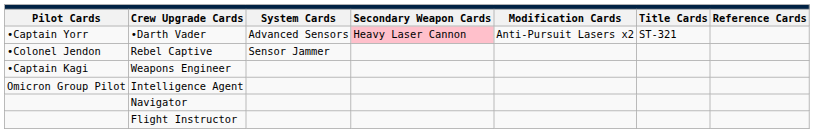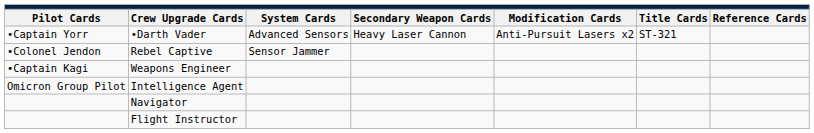 <table class="wikitable sortable">
 <tr style="background:#002244;">
 <td colspan="9"></td>
 </tr>
 <tr style="background:#f0f0f0;">
 <th>Pilot Cards</th>
 <th>Crew Upgrade Cards</th>
 <th>System Cards</th>
 <th>Secondary Weapon Cards</th>
 <th>Modification Cards</th>
 <th>Title Cards</th>
 <th>Reference Cards</th>
 </tr>
 <tr>
 <td>•Captain Yorr</td>
 <td>•Darth Vader</td>
 <td>Advanced Sensors</td>
-<td style="background: pink;">Heavy Laser Cannon</td>
+<td>Heavy Laser Cannon</td>
 <td>Anti-Pursuit Lasers x2</td>
 <td>ST-321</td>
 <td></td>
 </tr>
 <tr>
 <td>•Colonel Jendon</td>
 <td>Rebel Captive</td>
 <td>Sensor Jammer</td>
 <td></td>
 <td></td>
 <td></td>
 <td></td>
 </tr>
 <tr>
 <td>•Captain Kagi</td>
 <td>Weapons Engineer</td>
 <td></td>
 <td></td>
 <td></td>
 <td></td>
 <td></td>
 </tr>
 <tr>
 <td>Omicron Group Pilot</td>
 <td>Intelligence Agent</td>
 <td></td>
 <td></td>
 <td></td>
 <td></td>
 <td></td>
 </tr>
 <tr>
 <td></td>
 <td>Navigator</td>
 <td></td>
 <td></td>
 <td></td>
 <td></td>
 <td></td>
 </tr>
 <tr>
 <td></td>
 <td>Flight Instructor</td>
 <td></td>
 <td></td>
 <td></td>
 <td></td>
 <td></td>
 </tr>
 </table>
